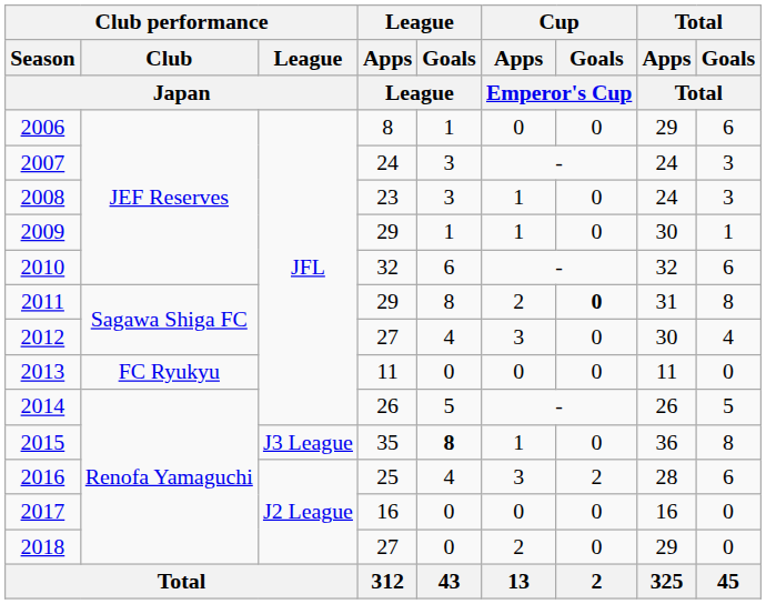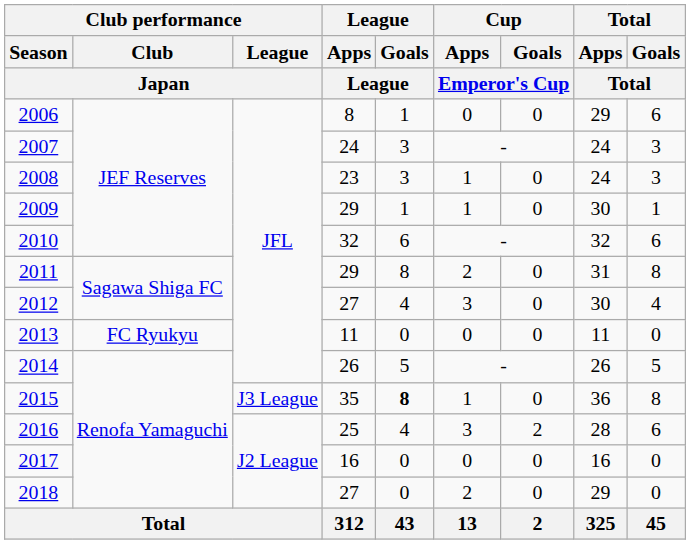 <table class="wikitable" style="text-align:center;">
 <tr>
 <th colspan=3>Club performance</th>
 <th colspan=2>League</th>
 <th colspan=2>Cup</th>
 <th colspan=2>Total</th>
 </tr>
 <tr>
 <th>Season</th>
 <th>Club</th>
 <th>League</th>
 <th>Apps</th>
 <th>Goals</th>
 <th>Apps</th>
 <th>Goals</th>
 <th>Apps</th>
 <th>Goals</th>
 </tr>
 <tr>
 <th colspan=3>Japan</th>
 <th colspan=2>League</th>
 <th colspan=2><a href='#'>Emperor's Cup</a></th>
 <th colspan=2>Total</th>
 </tr>
 <tr>
 <td><a href='#'>2006</a></td>
 <td rowspan="5"><a href='#'>JEF Reserves</a></td>
 <td rowspan="9"><a href='#'>JFL</a></td>
 <td>8</td>
 <td>1</td>
 <td>0</td>
 <td>0</td>
 <td>29</td>
 <td>6</td>
 </tr>
 <tr>
 <td><a href='#'>2007</a></td>
 <td>24</td>
 <td>3</td>
 <td colspan="2">-</td>
 <td>24</td>
 <td>3</td>
 </tr>
 <tr>
 <td><a href='#'>2008</a></td>
 <td>23</td>
 <td>3</td>
 <td>1</td>
 <td>0</td>
 <td>24</td>
 <td>3</td>
 </tr>
 <tr>
 <td><a href='#'>2009</a></td>
 <td>29</td>
 <td>1</td>
 <td>1</td>
 <td>0</td>
 <td>30</td>
 <td>1</td>
 </tr>
 <tr>
 <td><a href='#'>2010</a></td>
 <td>32</td>
 <td>6</td>
 <td colspan="2">-</td>
 <td>32</td>
 <td>6</td>
 </tr>
 <tr>
 <td><a href='#'>2011</a></td>
 <td rowspan="2"><a href='#'>Sagawa Shiga FC</a></td>
 <td>29</td>
 <td>8</td>
 <td>2</td>
-<td><strong>0</strong></td>
+<td>0</td>
 <td>31</td>
 <td>8</td>
 </tr>
 <tr>
 <td><a href='#'>2012</a></td>
 <td>27</td>
 <td>4</td>
 <td>3</td>
 <td>0</td>
 <td>30</td>
 <td>4</td>
 </tr>
 <tr>
 <td><a href='#'>2013</a></td>
 <td><a href='#'>FC Ryukyu</a></td>
 <td>11</td>
 <td>0</td>
 <td>0</td>
 <td>0</td>
 <td>11</td>
 <td>0</td>
 </tr>
 <tr>
 <td><a href='#'>2014</a></td>
 <td rowspan="5"><a href='#'>Renofa Yamaguchi</a></td>
 <td>26</td>
 <td>5</td>
 <td colspan="2">-</td>
 <td>26</td>
 <td>5</td>
 </tr>
 <tr>
 <td><a href='#'>2015</a></td>
 <td><a href='#'>J3 League</a></td>
 <td>35</td>
 <td><strong>8</strong></td>
 <td>1</td>
 <td>0</td>
 <td>36</td>
 <td>8</td>
 </tr>
 <tr>
 <td><a href='#'>2016</a></td>
 <td rowspan="3"><a href='#'>J2 League</a></td>
 <td>25</td>
 <td>4</td>
 <td>3</td>
 <td>2</td>
 <td>28</td>
 <td>6</td>
 </tr>
 <tr>
 <td><a href='#'>2017</a></td>
 <td>16</td>
 <td>0</td>
 <td>0</td>
 <td>0</td>
 <td>16</td>
 <td>0</td>
 </tr>
 <tr>
 <td><a href='#'>2018</a></td>
 <td>27</td>
 <td>0</td>
 <td>2</td>
 <td>0</td>
 <td>29</td>
 <td>0</td>
 </tr>
 <tr>
 <th colspan=3>Total</th>
 <th>312</th>
 <th>43</th>
 <th>13</th>
 <th>2</th>
 <th>325</th>
 <th>45</th>
 </tr>
 </table>
